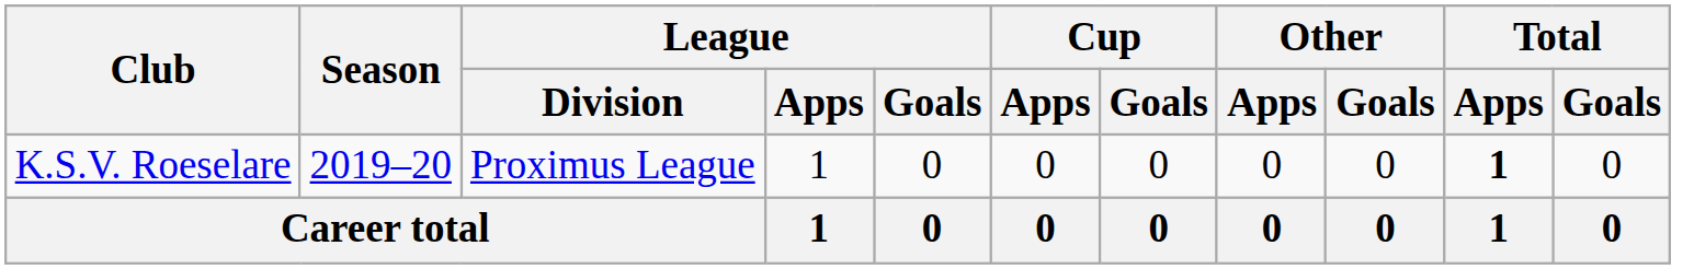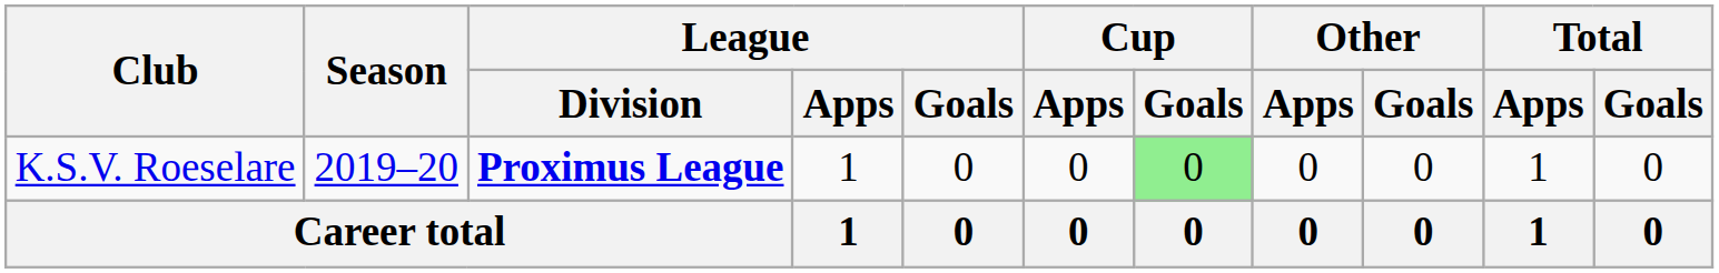 <table class="wikitable" style="text-align: center">
 <tr>
 <th rowspan="2">Club</th>
 <th rowspan="2">Season</th>
 <th colspan="3">League</th>
 <th colspan="2">Cup</th>
 <th colspan="2">Other</th>
 <th colspan="2">Total</th>
 </tr>
 <tr>
 <th>Division</th>
 <th>Apps</th>
 <th>Goals</th>
 <th>Apps</th>
 <th>Goals</th>
 <th>Apps</th>
 <th>Goals</th>
 <th>Apps</th>
 <th>Goals</th>
 </tr>
 <tr>
 <td><a href='#'>K.S.V. Roeselare</a></td>
 <td><a href='#'>2019–20</a></td>
-<td><a href='#'>Proximus League</a></td>
+<td><strong><a href='#'>Proximus League</a></strong></td>
 <td>1</td>
 <td>0</td>
 <td>0</td>
+<td style="background: lightgreen;">0</td>
 <td>0</td>
 <td>0</td>
-<td>0</td>
-<td><strong>1</strong></td>
+<td>1</td>
 <td>0</td>
 </tr>
 <tr>
 <th colspan=3>Career total</th>
 <th>1</th>
 <th>0</th>
 <th>0</th>
 <th>0</th>
 <th>0</th>
 <th>0</th>
 <th>1</th>
 <th>0</th>
 </tr>
 </table>
